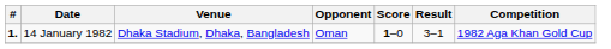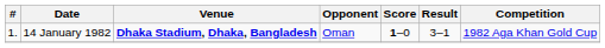 <table class="wikitable">
 <tr>
 <th>#</th>
 <th>Date</th>
 <th>Venue</th>
 <th>Opponent</th>
 <th>Score</th>
 <th>Result</th>
 <th>Competition</th>
 </tr>
 <tr>
-<td><strong>1.</strong></td>
+<td>1.</td>
 <td>14 January 1982</td>
-<td><a href='#'>Dhaka Stadium</a>, <a href='#'>Dhaka</a>, <a href='#'>Bangladesh</a></td>
+<td><strong><a href='#'>Dhaka Stadium</a>, <a href='#'>Dhaka</a>, <a href='#'>Bangladesh</a></strong></td>
 <td> <a href='#'>Oman</a></td>
 <td align=center><strong>1</strong>–0</td>
 <td align=center>3–1</td>
 <td><a href='#'>1982 Aga Khan Gold Cup</a></td>
 </tr>
 <tr>
 </tr>
 </table>
